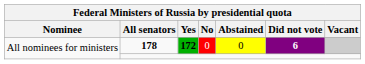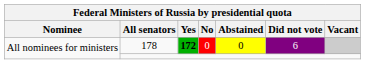 <table class="wikitable collapsible">
 <tr>
 <th colspan="7">Federal Ministers of Russia by presidential quota</th>
 </tr>
 <tr>
 <th>Nominee</th>
 <th>All senators</th>
 <th><strong>Yes</strong></th>
 <th>No</th>
 <th>Abstained</th>
 <th>Did not vote</th>
 <th>Vacant</th>
 </tr>
 <tr ---->
 <td rowspan=2>All nominees for ministers</td>
-<td style="text-align:center;"><strong>178</strong></td>
+<td style="text-align:center;">178</td>
 <td style="text-align:center;background-color:#00B000;"><strong>172</strong></td>
 <td style="text-align:center;background-color:red;color:white;">0</td>
 <td style="text-align:center;background-color:yellow;">0</td>
-<td style="text-align:center;background-color:purple;color:white;"><strong>6</strong></td>
+<td style="text-align:center;background-color:purple;color:white;">6</td>
 <td style="text-align:center;background-color:#cccccc;"></td>
 </tr>
 <tr ---->
 <td colspan=6></td>
 </tr>
 </table>
